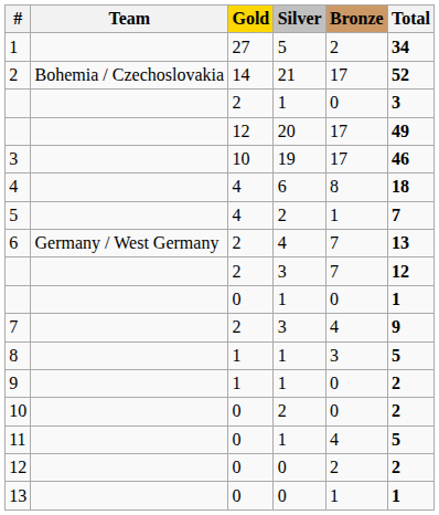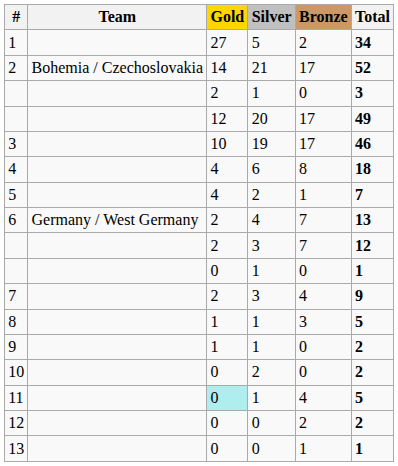 <table class="wikitable sortable">
 <tr>
 <th>#</th>
 <th>Team</th>
 <th style="background-color:gold">Gold</th>
 <th style="background-color:silver">Silver</th>
 <th style="background-color:#cc9966">Bronze</th>
 <th>Total</th>
 </tr>
 <tr>
 <td>1</td>
 <td></td>
 <td>27</td>
 <td>5</td>
 <td>2</td>
 <td><strong>34</strong></td>
 </tr>
 <tr>
 <td>2</td>
 <td>Bohemia / Czechoslovakia</td>
 <td>14</td>
 <td>21</td>
 <td>17</td>
 <td><strong>52</strong></td>
 </tr>
 <tr>
 <td></td>
 <td></td>
 <td><span>2</span></td>
 <td><span>1</span></td>
 <td><span>0</span></td>
 <td><strong><span>3</span></strong></td>
 </tr>
 <tr>
 <td></td>
 <td></td>
 <td><span>12</span></td>
 <td><span>20</span></td>
 <td><span>17</span></td>
 <td><strong><span>49</span></strong></td>
 </tr>
 <tr>
 <td>3</td>
 <td></td>
 <td>10</td>
 <td>19</td>
 <td>17</td>
 <td><strong>46</strong></td>
 </tr>
 <tr>
 <td>4</td>
 <td></td>
 <td>4</td>
 <td>6</td>
 <td>8</td>
 <td><strong>18</strong></td>
 </tr>
 <tr>
 <td>5</td>
 <td></td>
 <td>4</td>
 <td>2</td>
 <td>1</td>
 <td><strong>7</strong></td>
 </tr>
 <tr>
 <td>6</td>
 <td>Germany / West Germany</td>
 <td>2</td>
 <td>4</td>
 <td>7</td>
 <td><strong>13</strong></td>
 </tr>
 <tr>
 <td></td>
 <td></td>
 <td><span>2</span></td>
 <td><span>3</span></td>
 <td><span>7</span></td>
 <td><strong><span>12</span></strong></td>
 </tr>
 <tr>
 <td></td>
 <td></td>
 <td><span>0</span></td>
 <td><span>1</span></td>
 <td><span>0</span></td>
 <td><strong><span>1</span></strong></td>
 </tr>
 <tr>
 <td>7</td>
 <td></td>
 <td>2</td>
 <td>3</td>
 <td>4</td>
 <td><strong>9</strong></td>
 </tr>
 <tr>
 <td>8</td>
 <td></td>
 <td>1</td>
 <td>1</td>
 <td>3</td>
 <td><strong>5</strong></td>
 </tr>
 <tr>
 <td>9</td>
 <td></td>
 <td>1</td>
 <td>1</td>
 <td>0</td>
 <td><strong>2</strong></td>
 </tr>
 <tr>
 <td>10</td>
 <td></td>
 <td>0</td>
 <td>2</td>
 <td>0</td>
 <td><strong>2</strong></td>
 </tr>
 <tr>
 <td>11</td>
 <td></td>
-<td>0</td>
+<td style="background: paleturquoise;">0</td>
 <td>1</td>
 <td>4</td>
 <td><strong>5</strong></td>
 </tr>
 <tr>
 <td>12</td>
 <td></td>
 <td>0</td>
 <td>0</td>
 <td>2</td>
 <td><strong>2</strong></td>
 </tr>
 <tr>
 <td>13</td>
 <td></td>
 <td>0</td>
 <td>0</td>
 <td>1</td>
 <td><strong>1</strong></td>
 </tr>
 <tr>
 </tr>
 </table>
